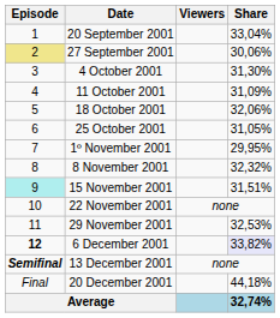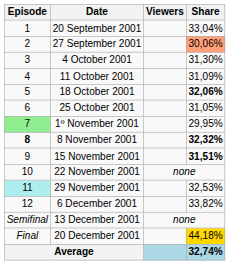 <table class="wikitable" style="text-align:center">
 <tr>
 <th>Episode</th>
 <th>Date</th>
 <th>Viewers</th>
 <th>Share</th>
 </tr>
 <tr>
 <td>1</td>
 <td>20 September 2001</td>
 <td></td>
 <td>33,04%</td>
 </tr>
 <tr>
-<td style="background: khaki;">2</td>
+<td>2</td>
 <td>27 September 2001</td>
 <td></td>
-<td>30,06%</td>
+<td style="background: lightsalmon;">30,06%</td>
 </tr>
 <tr>
 <td>3</td>
 <td>4 October 2001</td>
 <td></td>
 <td>31,30%</td>
 </tr>
 <tr>
 <td>4</td>
 <td>11 October 2001</td>
 <td></td>
 <td>31,09%</td>
 </tr>
 <tr>
 <td>5</td>
 <td>18 October 2001</td>
 <td></td>
-<td>32,06%</td>
+<td><strong>32,06%</strong></td>
 </tr>
 <tr>
 <td>6</td>
 <td>25 October 2001</td>
 <td></td>
 <td>31,05%</td>
 </tr>
 <tr>
-<td>7</td>
+<td style="background: lightgreen;">7</td>
 <td>1º November 2001</td>
 <td></td>
 <td>29,95%</td>
 </tr>
 <tr>
-<td>8</td>
+<td><strong>8</strong></td>
 <td>8 November 2001</td>
 <td></td>
-<td>32,32%</td>
+<td><strong>32,32%</strong></td>
 </tr>
 <tr>
-<td style="background: paleturquoise;">9</td>
+<td>9</td>
 <td>15 November 2001</td>
 <td></td>
-<td>31,51%</td>
+<td><strong>31,51%</strong></td>
 </tr>
 <tr>
 <td>10</td>
 <td>22 November 2001</td>
 <td colspan="2"><em>none</em></td>
 </tr>
 <tr>
-<td>11</td>
+<td style="background: paleturquoise;">11</td>
 <td>29 November 2001</td>
 <td></td>
 <td>32,53%</td>
 </tr>
 <tr>
-<td><strong>12</strong></td>
+<td>12</td>
 <td>6 December 2001</td>
 <td></td>
-<td style="background: lavender;">33,82%</td>
+<td>33,82%</td>
 </tr>
 <tr>
-<td><strong><em>Semifinal</em></strong></td>
+<td><em>Semifinal</em></td>
 <td>13 December 2001</td>
 <td colspan="2"><em>none</em></td>
 </tr>
 <tr>
 <td><em>Final</em></td>
 <td>20 December 2001</td>
 <td></td>
-<td>44,18%</td>
+<td style="background: gold;">44,18%</td>
 </tr>
 <tr>
 <th colspan="2">Average</th>
 <td style="background:lightblue"><strong></strong></td>
 <td style="background:lightblue"><strong>32,74%</strong></td>
 </tr>
 </table>
